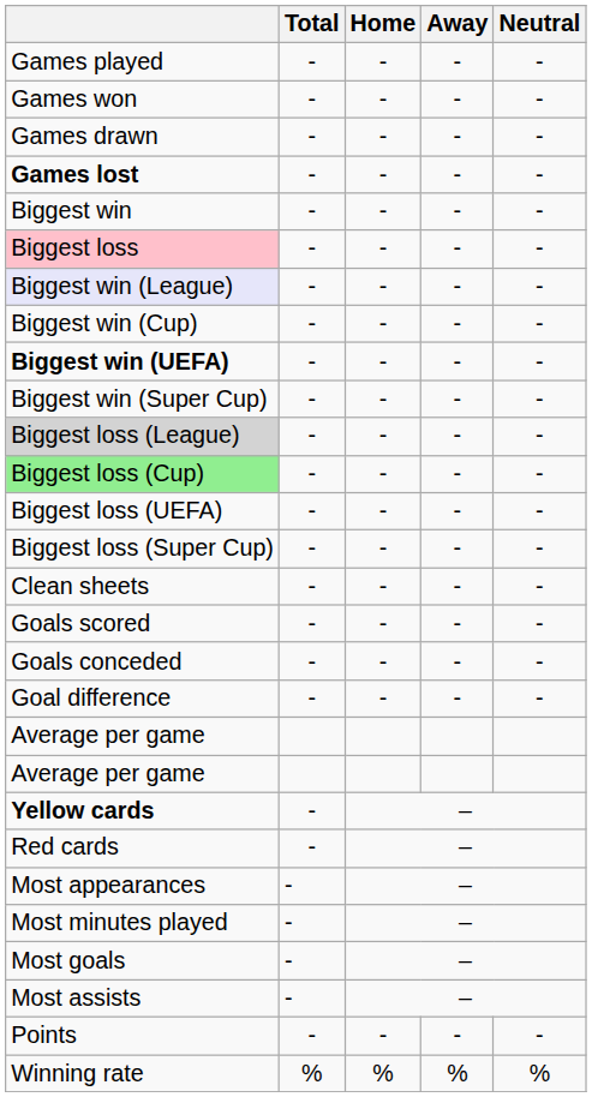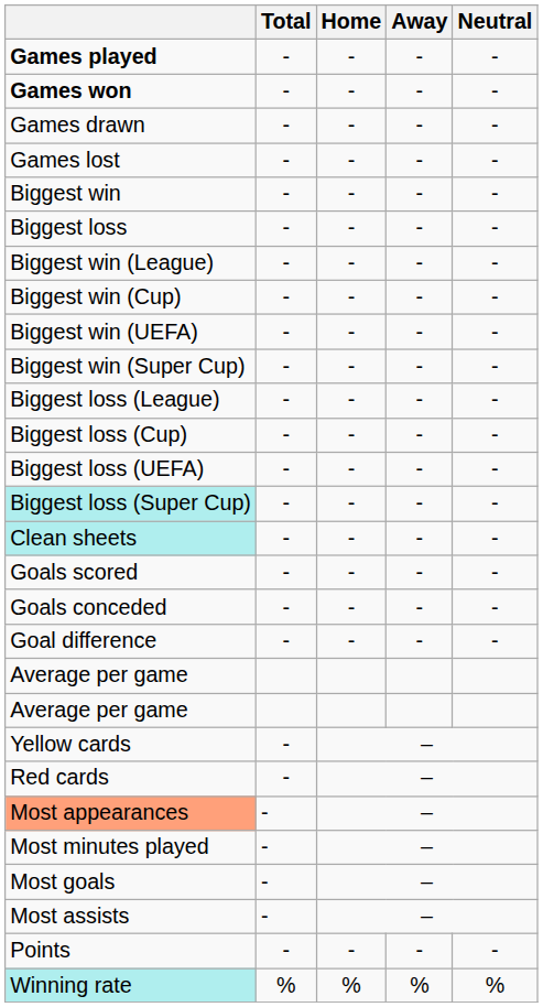 <table class="wikitable" style="text-align: center;">
 <tr>
 <th></th>
 <th>Total</th>
 <th>Home</th>
 <th>Away</th>
 <th>Neutral</th>
 </tr>
 <tr>
-<td align=left>Games played</td>
+<td align=left><strong>Games played</strong></td>
 <td>-</td>
 <td>-</td>
 <td>-</td>
 <td>-</td>
 </tr>
 <tr>
-<td align=left>Games won</td>
+<td align=left><strong>Games won</strong></td>
 <td>-</td>
 <td>-</td>
 <td>-</td>
 <td>-</td>
 </tr>
 <tr>
 <td align=left>Games drawn</td>
 <td>-</td>
 <td>-</td>
 <td>-</td>
 <td>-</td>
 </tr>
 <tr>
-<td align=left><strong>Games lost</strong></td>
+<td align=left>Games lost</td>
 <td>-</td>
 <td>-</td>
 <td>-</td>
 <td>-</td>
 </tr>
 <tr>
 <td align=left>Biggest win</td>
 <td>-</td>
 <td>-</td>
 <td>-</td>
 <td>-</td>
 </tr>
 <tr>
-<td align=left style="background: pink;">Biggest loss</td>
+<td align=left>Biggest loss</td>
 <td>-</td>
 <td>-</td>
 <td>-</td>
 <td>-</td>
 </tr>
 <tr>
-<td align=left style="background: lavender;">Biggest win (League)</td>
+<td align=left>Biggest win (League)</td>
 <td>-</td>
 <td>-</td>
 <td>-</td>
 <td>-</td>
 </tr>
 <tr>
 <td align=left>Biggest win (Cup)</td>
 <td>-</td>
 <td>-</td>
 <td>-</td>
 <td>-</td>
 </tr>
 <tr>
-<td align=left><strong>Biggest win (UEFA)</strong></td>
+<td align=left>Biggest win (UEFA)</td>
 <td>-</td>
 <td>-</td>
 <td>-</td>
 <td>-</td>
 </tr>
 <tr>
 <td align=left>Biggest win (Super Cup)</td>
 <td>-</td>
 <td>-</td>
 <td>-</td>
 <td>-</td>
 </tr>
 <tr>
-<td align=left style="background: lightgrey;">Biggest loss (League)</td>
+<td align=left>Biggest loss (League)</td>
 <td>-</td>
 <td>-</td>
 <td>-</td>
 <td>-</td>
 </tr>
 <tr>
-<td align=left style="background: lightgreen;">Biggest loss (Cup)</td>
+<td align=left>Biggest loss (Cup)</td>
 <td>-</td>
 <td>-</td>
 <td>-</td>
 <td>-</td>
 </tr>
 <tr>
 <td align=left>Biggest loss (UEFA)</td>
 <td>-</td>
 <td>-</td>
 <td>-</td>
 <td>-</td>
 </tr>
 <tr>
-<td align=left>Biggest loss (Super Cup)</td>
+<td align=left style="background: paleturquoise;">Biggest loss (Super Cup)</td>
 <td>-</td>
 <td>-</td>
 <td>-</td>
 <td>-</td>
 </tr>
 <tr>
-<td align=left>Clean sheets</td>
+<td align=left style="background: paleturquoise;">Clean sheets</td>
 <td>-</td>
 <td>-</td>
 <td>-</td>
 <td>-</td>
 </tr>
 <tr>
 <td align=left>Goals scored</td>
 <td>-</td>
 <td>-</td>
 <td>-</td>
 <td>-</td>
 </tr>
 <tr>
 <td align=left>Goals conceded</td>
 <td>-</td>
 <td>-</td>
 <td>-</td>
 <td>-</td>
 </tr>
 <tr>
 <td align=left>Goal difference</td>
 <td>-</td>
 <td>-</td>
 <td>-</td>
 <td>-</td>
 </tr>
 <tr>
 <td align=left>Average  per game</td>
 <td></td>
 <td></td>
 <td></td>
 <td></td>
 </tr>
 <tr>
 <td align=left>Average  per game</td>
 <td></td>
 <td></td>
 <td></td>
 <td></td>
 </tr>
 <tr>
-<td align=left><strong>Yellow cards</strong></td>
+<td align=left>Yellow cards</td>
 <td>-</td>
 <td colspan=3>–</td>
 </tr>
 <tr>
 <td align=left>Red cards</td>
 <td>-</td>
 <td colspan=3>–</td>
 </tr>
 <tr>
-<td align=left>Most appearances</td>
+<td align=left style="background: lightsalmon;">Most appearances</td>
 <td align=left>-</td>
 <td colspan=3>–</td>
 </tr>
 <tr>
 <td align=left>Most minutes played</td>
 <td align=left>-</td>
 <td colspan=3>–</td>
 </tr>
 <tr>
 <td align=left>Most goals</td>
 <td align=left>-</td>
 <td colspan=3>–</td>
 </tr>
 <tr>
 <td align=left>Most assists</td>
 <td align=left>-</td>
 <td colspan=3>–</td>
 </tr>
 <tr>
 <td align=left>Points</td>
 <td>-</td>
 <td>-</td>
 <td>-</td>
 <td>-</td>
 </tr>
 <tr>
-<td align=left>Winning rate</td>
+<td align=left style="background: paleturquoise;">Winning rate</td>
 <td>%</td>
 <td>%</td>
 <td>%</td>
 <td>%</td>
 </tr>
 <tr>
 </tr>
 </table>
